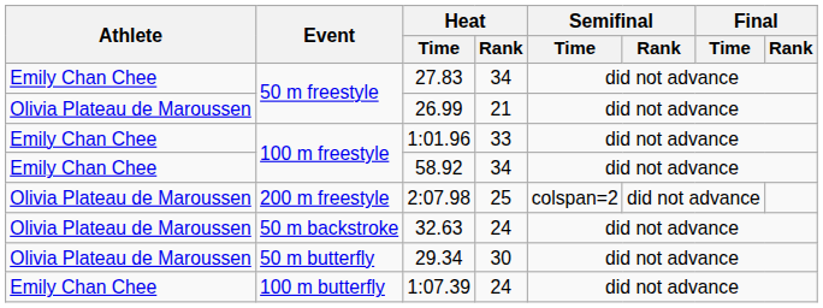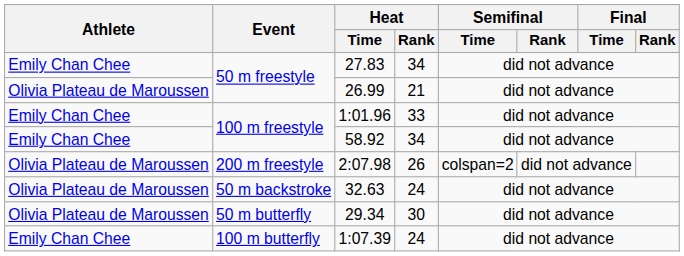 <table class=wikitable style="font-size:90%">
 <tr>
 <th rowspan=2>Athlete</th>
 <th rowspan=2>Event</th>
 <th colspan="2">Heat</th>
 <th colspan="2">Semifinal</th>
 <th colspan="2">Final</th>
 </tr>
 <tr style="font-size:95%">
 <th>Time</th>
 <th>Rank</th>
 <th>Time</th>
 <th>Rank</th>
 <th>Time</th>
 <th>Rank</th>
 </tr>
 <tr align=center>
 <td align=left><a href='#'>Emily Chan Chee</a></td>
 <td align=left rowspan=2><a href='#'>50 m freestyle</a></td>
 <td>27.83</td>
 <td>34</td>
 <td colspan="4">did not advance</td>
 </tr>
 <tr align=center>
 <td align=left><a href='#'>Olivia Plateau de Maroussen</a></td>
 <td>26.99</td>
 <td>21</td>
 <td colspan="4">did not advance</td>
 </tr>
 <tr align=center>
 <td align=left><a href='#'>Emily Chan Chee</a></td>
 <td align=left rowspan=2><a href='#'>100 m freestyle</a></td>
 <td>1:01.96</td>
 <td>33</td>
 <td colspan="4">did not advance</td>
 </tr>
 <tr align=center>
 <td align=left><a href='#'>Emily Chan Chee</a></td>
 <td>58.92</td>
 <td>34</td>
 <td colspan="4">did not advance</td>
 </tr>
 <tr align=center>
 <td align=left><a href='#'>Olivia Plateau de Maroussen</a></td>
 <td align=left><a href='#'>200 m freestyle</a></td>
 <td>2:07.98</td>
-<td>25</td>
+<td>26</td>
 <td>colspan=2 </td>
 <td colspan=2>did not advance</td>
 </tr>
 <tr align=center>
 <td align=left><a href='#'>Olivia Plateau de Maroussen</a></td>
 <td align=left><a href='#'>50 m backstroke</a></td>
 <td>32.63</td>
 <td>24</td>
 <td colspan="4">did not advance</td>
 </tr>
 <tr align=center>
 <td align=left><a href='#'>Olivia Plateau de Maroussen</a></td>
 <td align=left><a href='#'>50 m butterfly</a></td>
 <td>29.34</td>
 <td>30</td>
 <td colspan=4>did not advance</td>
 </tr>
 <tr align=center>
 <td align=left><a href='#'>Emily Chan Chee</a></td>
 <td align=left><a href='#'>100 m butterfly</a></td>
 <td>1:07.39</td>
 <td>24</td>
 <td colspan=4>did not advance</td>
 </tr>
 </table>
